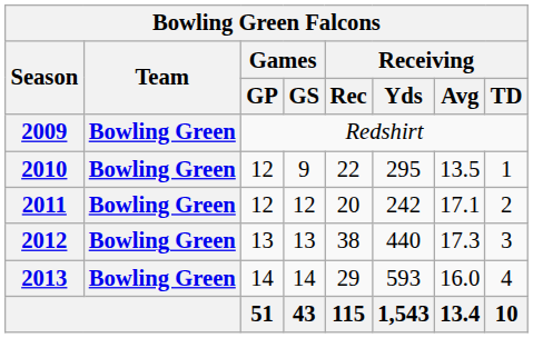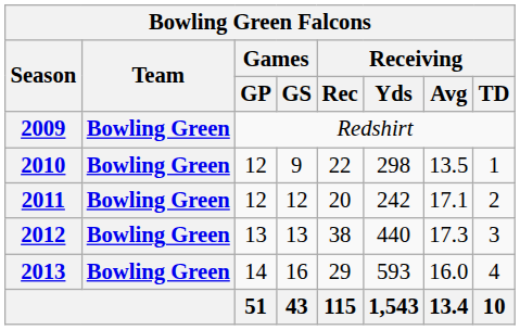 <table class="wikitable" style="text-align:center">
 <tr>
 <th colspan="12">Bowling Green Falcons</th>
 </tr>
 <tr>
 <th rowspan="2">Season</th>
 <th rowspan="2">Team</th>
 <th colspan="2">Games</th>
 <th colspan="4">Receiving</th>
 </tr>
 <tr>
 <th>GP</th>
 <th>GS</th>
 <th>Rec</th>
 <th>Yds</th>
 <th>Avg</th>
 <th>TD</th>
 </tr>
 <tr>
 <th><a href='#'>2009</a></th>
 <th><a href='#'>Bowling Green</a></th>
 <td colspan="12"><em>Redshirt </em></td>
 </tr>
 <tr>
 <th><a href='#'>2010</a></th>
 <th><a href='#'>Bowling Green</a></th>
 <td>12</td>
 <td>9</td>
 <td>22</td>
-<td>295</td>
+<td>298</td>
 <td>13.5</td>
 <td>1</td>
 </tr>
 <tr>
 <th><a href='#'>2011</a></th>
 <th><a href='#'>Bowling Green</a></th>
 <td>12</td>
 <td>12</td>
 <td>20</td>
 <td>242</td>
 <td>17.1</td>
 <td>2</td>
 </tr>
 <tr>
 <th><a href='#'>2012</a></th>
 <th><a href='#'>Bowling Green</a></th>
 <td>13</td>
 <td>13</td>
 <td>38</td>
 <td>440</td>
 <td>17.3</td>
 <td>3</td>
 </tr>
 <tr>
 <th><a href='#'>2013</a></th>
 <th><a href='#'>Bowling Green</a></th>
 <td>14</td>
-<td>14</td>
+<td>16</td>
 <td>29</td>
 <td>593</td>
 <td>16.0</td>
 <td>4</td>
 </tr>
 <tr>
 <th colspan="2"></th>
 <th>51</th>
 <th>43</th>
 <th>115</th>
 <th>1,543</th>
 <th>13.4</th>
 <th>10</th>
 </tr>
 </table>
